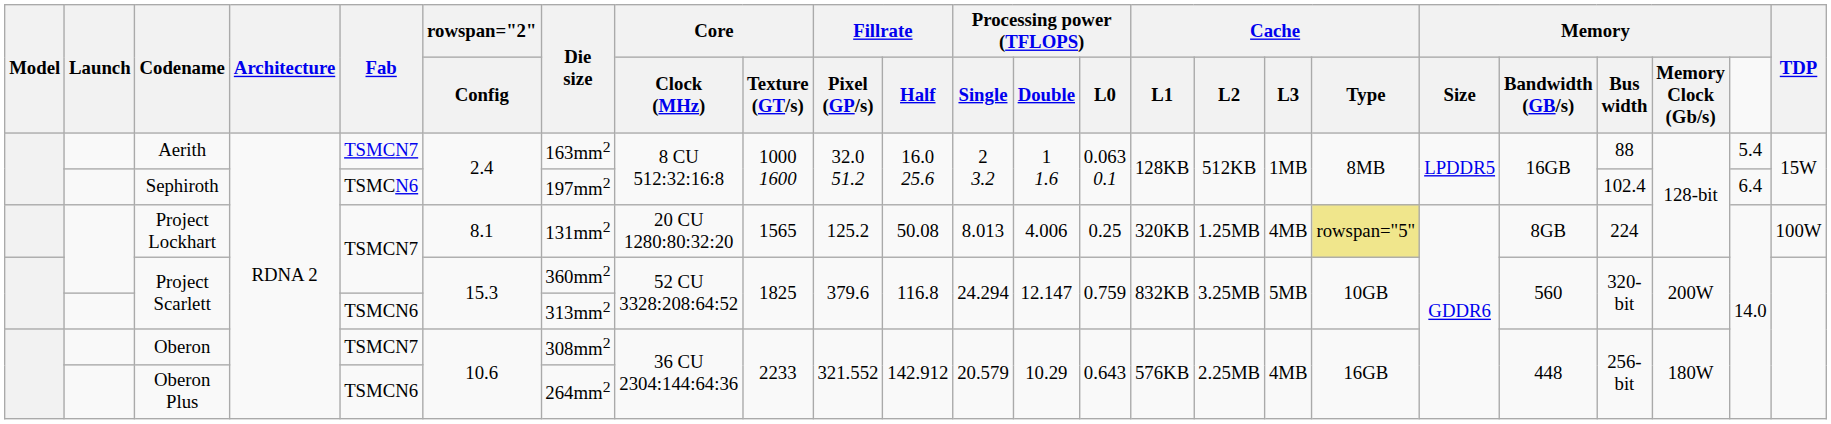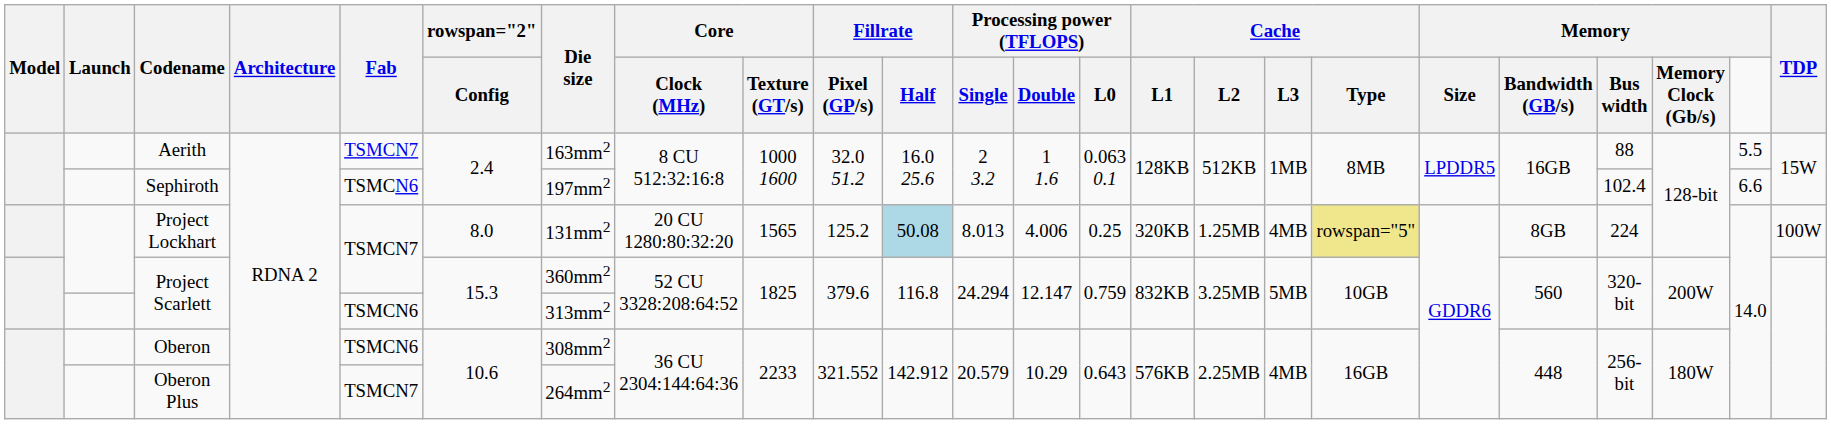 <table class="wikitable" style="text-align: center; font-size: 85%;">
 <tr>
 <th rowspan="2">Model</th>
 <th rowspan="2">Launch</th>
 <th rowspan="2">Codename</th>
 <th rowspan="2"><a href='#'>Architecture</a></th>
 <th rowspan="2"><a href='#'>Fab</a></th>
 <th>rowspan="2" </th>
 <th rowspan="2">Die<br>size</th>
 <th colspan="2">Core</th>
 <th colspan="2"><a href='#'>Fillrate</a></th>
 <th colspan="3">Processing power<br>(<a href='#'>TFLOPS</a>)</th>
 <th colspan="4"><a href='#'>Cache</a></th>
 <th colspan="5">Memory</th>
 <th rowspan="2"><a href='#'>TDP</a></th>
 </tr>
 <tr>
 <th>Config</th>
 <th>Clock <br> (<a href='#'>MHz</a>)</th>
 <th>Texture <br> (<a href='#'>GT</a>/s)</th>
 <th>Pixel <br> (<a href='#'>GP</a>/s)</th>
 <th><a href='#'>Half</a></th>
 <th><a href='#'>Single</a></th>
 <th><a href='#'>Double</a></th>
 <th>L0</th>
 <th>L1</th>
 <th>L2</th>
 <th>L3</th>
 <th>Type</th>
 <th>Size</th>
 <th>Bandwidth <br> (<a href='#'>GB</a>/s)</th>
 <th>Bus <br> width</th>
 <th>Memory<br>Clock<br>(Gb/s)</th>
 </tr>
 <tr>
 <th rowspan="2" style="text-align:left;"></th>
 <td></td>
 <td>Aerith</td>
 <td rowspan="7">RDNA 2</td>
 <td><a href='#'>TSMC</a><a href='#'>N7</a></td>
 <td rowspan="2">2.4</td>
 <td>163mm<sup>2</sup></td>
 <td rowspan="2">8 CU <br> 512:32:16:8</td>
 <td rowspan="2">1000 <br> <em>1600</em></td>
 <td rowspan="2">32.0 <br> <em>51.2</em></td>
 <td rowspan="2">16.0 <br> <em>25.6</em></td>
 <td rowspan="2">2 <br> <em>3.2</em></td>
 <td rowspan="2">1 <br> <em>1.6</em></td>
 <td rowspan="2">0.063 <br> <em>0.1</em></td>
 <td rowspan="2">128KB</td>
 <td rowspan="2">512KB</td>
 <td rowspan="2">1MB</td>
 <td rowspan="2">8MB</td>
 <td rowspan="2"><a href='#'>LPDDR5</a></td>
 <td rowspan="2">16GB</td>
 <td>88</td>
 <td rowspan="3">128-bit</td>
-<td>5.4</td>
+<td>5.5</td>
 <td rowspan="2">15W</td>
 </tr>
 <tr>
 <td></td>
 <td>Sephiroth</td>
 <td>TSMC<a href='#'>N6</a></td>
 <td>197mm<sup>2</sup></td>
 <td>102.4</td>
-<td>6.4</td>
+<td>6.6</td>
 </tr>
 <tr>
 <th style="text-align:left;"></th>
 <td rowspan="2"></td>
 <td>Project Lockhart</td>
 <td rowspan="2">TSMCN7</td>
-<td>8.1</td>
+<td>8.0</td>
 <td>131mm<sup>2</sup></td>
 <td>20 CU <br> 1280:80:32:20</td>
 <td>1565</td>
 <td>125.2</td>
-<td>50.08</td>
+<td style="background: lightblue;">50.08</td>
 <td>8.013<br></td>
 <td>4.006<br></td>
 <td>0.25<br></td>
 <td>320KB</td>
 <td>1.25MB</td>
 <td>4MB</td>
 <td style="background: khaki;">rowspan="5" </td>
 <td rowspan="5"><a href='#'>GDDR6</a></td>
 <td>8GB</td>
 <td>224</td>
 <td rowspan="5">14.0</td>
 <td>100W</td>
 </tr>
 <tr>
 <th style="text-align:left;" rowspan="2"></th>
 <td rowspan="2">Project Scarlett</td>
 <td rowspan="2">15.3</td>
 <td>360mm<sup>2</sup></td>
 <td rowspan="2">52 CU <br> 3328:208:64:52</td>
 <td rowspan="2">1825</td>
 <td rowspan="2">379.6</td>
 <td rowspan="2">116.8</td>
 <td rowspan="2">24.294<br></td>
 <td rowspan="2">12.147<br></td>
 <td rowspan="2">0.759<br></td>
 <td rowspan="2">832KB</td>
 <td rowspan="2">3.25MB</td>
 <td rowspan="2">5MB</td>
 <td rowspan="2">10GB</td>
 <td rowspan="2">560</td>
 <td rowspan="2">320-bit</td>
 <td rowspan="2">200W</td>
 </tr>
 <tr>
 <td></td>
 <td>TSMCN6</td>
 <td>313mm<sup>2</sup></td>
 </tr>
 <tr>
 <th style="text-align:left;" rowspan="2"></th>
 <td></td>
 <td>Oberon</td>
-<td>TSMCN7</td>
+<td>TSMCN6</td>
 <td rowspan="2">10.6</td>
 <td>308mm<sup>2</sup></td>
 <td rowspan="2">36 CU <br> 2304:144:64:36</td>
 <td rowspan="2">2233</td>
 <td rowspan="2">321.552</td>
 <td rowspan="2">142.912</td>
 <td rowspan="2">20.579<br></td>
 <td rowspan="2">10.29<br></td>
 <td rowspan="2">0.643<br></td>
 <td rowspan="2">576KB</td>
 <td rowspan="2">2.25MB</td>
 <td rowspan="2">4MB</td>
 <td rowspan="2">16GB</td>
 <td rowspan="2">448</td>
 <td rowspan="2">256-bit</td>
 <td rowspan="2">180W</td>
 </tr>
 <tr>
 <td></td>
 <td>Oberon Plus</td>
-<td>TSMCN6</td>
+<td>TSMCN7</td>
 <td>264mm<sup>2</sup></td>
 </tr>
 </table>
